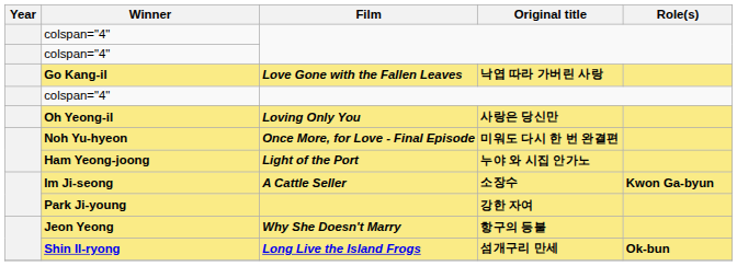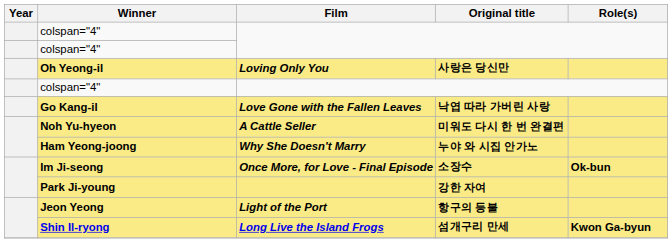 <table class="wikitable">
 <tr>
 <th style="width:5%;">Year</th>
 <th style="width:30%;">Winner</th>
 <th style="width:30%;">Film</th>
 <th style="width:20%;">Original title</th>
 <th style="width:20%;">Role(s)</th>
 </tr>
 <tr>
 <th></th>
 <td>colspan="4" </td>
 </tr>
 <tr>
 <th></th>
 <td>colspan="4" </td>
 </tr>
 <tr>
 <th></th>
-<td style="background:#FAEB86;"><strong>Go Kang-il</strong></td>
-<td style="background:#FAEB86;"><strong><em>Love Gone with the Fallen Leaves</em></strong></td>
-<td style="background:#FAEB86;"><strong>낙엽 따라 가버린 사랑</strong></td>
+<td style="background:#FAEB86;"><strong>Oh Yeong-il</strong></td>
+<td style="background:#FAEB86;"><strong><em>Loving Only You</em></strong></td>
+<td style="background:#FAEB86;"><strong>사랑은 당신만</strong></td>
 <td style="background:#FAEB86;"></td>
 </tr>
 <tr>
 <th></th>
 <td>colspan="4" </td>
 </tr>
 <tr>
 <th></th>
-<td style="background:#FAEB86;"><strong>Oh Yeong-il</strong></td>
-<td style="background:#FAEB86;"><strong><em>Loving Only You</em></strong></td>
-<td style="background:#FAEB86;"><strong>사랑은 당신만</strong></td>
+<td style="background:#FAEB86;"><strong>Go Kang-il</strong></td>
+<td style="background:#FAEB86;"><strong><em>Love Gone with the Fallen Leaves</em></strong></td>
+<td style="background:#FAEB86;"><strong>낙엽 따라 가버린 사랑</strong></td>
 <td style="background:#FAEB86;"></td>
 </tr>
 <tr>
 <th rowspan="2"></th>
 <td style="background:#FAEB86;"><strong>Noh Yu-hyeon</strong></td>
-<td style="background:#FAEB86;"><strong><em>Once More, for Love - Final Episode</em></strong></td>
+<td style="background:#FAEB86;"><strong><em>A Cattle Seller</em></strong></td>
 <td style="background:#FAEB86;"><strong>미워도 다시 한 번 완결편</strong></td>
 <td style="background:#FAEB86;"></td>
 </tr>
 <tr>
 <td style="background:#FAEB86;"><strong>Ham Yeong-joong</strong></td>
-<td style="background:#FAEB86;"><strong><em>Light of the Port</em></strong></td>
+<td style="background:#FAEB86;"><strong><em>Why She Doesn't Marry</em></strong></td>
 <td style="background:#FAEB86;"><strong>누야 와 시집 안가노</strong></td>
 <td style="background:#FAEB86;"></td>
 </tr>
 <tr>
 <th rowspan="2"></th>
 <td style="background:#FAEB86;"><strong>Im Ji-seong</strong></td>
-<td style="background:#FAEB86;"><strong><em>A Cattle Seller</em></strong></td>
+<td style="background:#FAEB86;"><strong><em>Once More, for Love - Final Episode</em></strong></td>
 <td style="background:#FAEB86;"><strong>소장수</strong></td>
-<td style="background:#FAEB86;"><strong>Kwon Ga-byun</strong></td>
+<td style="background:#FAEB86;"><strong>Ok-bun</strong></td>
 </tr>
 <tr>
 <td style="background:#FAEB86;"><strong>Park Ji-young</strong></td>
 <td style="background:#FAEB86;"></td>
 <td style="background:#FAEB86;"><strong>강한 자여</strong></td>
 <td style="background:#FAEB86;"></td>
 </tr>
 <tr>
 <th rowspan="2"></th>
 <td style="background:#FAEB86;"><strong>Jeon Yeong</strong></td>
-<td style="background:#FAEB86;"><strong><em>Why She Doesn't Marry</em></strong></td>
+<td style="background:#FAEB86;"><strong><em>Light of the Port</em></strong></td>
 <td style="background:#FAEB86;"><strong>항구의 등불</strong></td>
 <td style="background:#FAEB86;"></td>
 </tr>
 <tr>
 <td style="background:#FAEB86;"><strong><a href='#'>Shin Il-ryong</a></strong></td>
 <td style="background:#FAEB86;"><strong><em><a href='#'>Long Live the Island Frogs</a></em></strong></td>
 <td style="background:#FAEB86;"><strong>섬개구리 만세</strong></td>
-<td style="background:#FAEB86;"><strong>Ok-bun</strong></td>
+<td style="background:#FAEB86;"><strong>Kwon Ga-byun</strong></td>
 </tr>
 <tr>
 </tr>
 </table>
